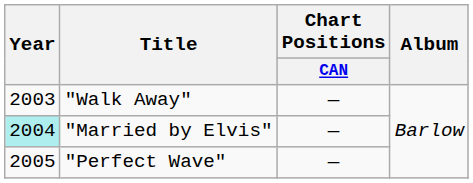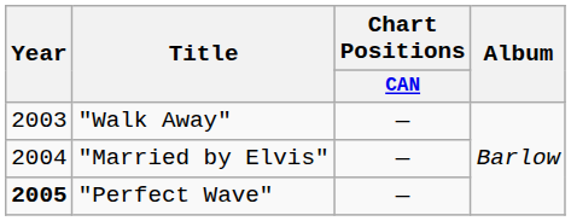 <table class="wikitable">
 <tr>
 <th rowspan=2>Year</th>
 <th rowspan=2>Title</th>
 <th colspan=1>Chart Positions</th>
 <th rowspan=2>Album</th>
 </tr>
 <tr style="font-size:smaller;">
 <th width=40><a href='#'>CAN</a></th>
 </tr>
 <tr>
 <td>2003</td>
 <td>"Walk Away"</td>
 <td align="center">—</td>
 <td rowspan=3><em>Barlow</em></td>
 </tr>
 <tr>
-<td style="background: paleturquoise;">2004</td>
+<td>2004</td>
 <td>"Married by Elvis"</td>
 <td align="center">—</td>
 </tr>
 <tr>
-<td>2005</td>
+<td><strong>2005</strong></td>
 <td>"Perfect Wave"</td>
 <td align="center">—</td>
 </tr>
 </table>
